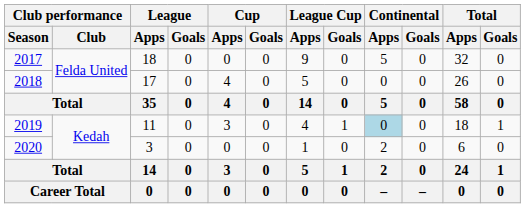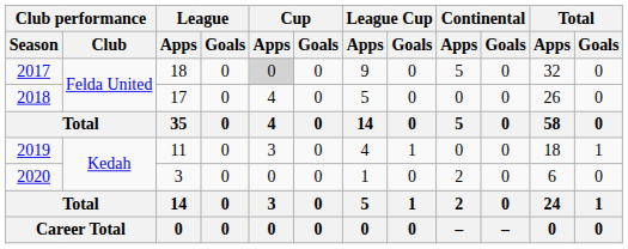 <table class="wikitable" style="text-align: center;">
 <tr>
 <th colspan="2">Club performance</th>
 <th colspan="2">League</th>
 <th colspan="2">Cup</th>
 <th colspan="2">League Cup</th>
 <th colspan="2">Continental</th>
 <th colspan="2">Total</th>
 </tr>
 <tr>
 <th>Season</th>
 <th>Club</th>
 <th>Apps</th>
 <th>Goals</th>
 <th>Apps</th>
 <th>Goals</th>
 <th>Apps</th>
 <th>Goals</th>
 <th>Apps</th>
 <th>Goals</th>
 <th>Apps</th>
 <th>Goals</th>
 </tr>
 <tr>
 <td><a href='#'>2017</a></td>
 <td rowspan="2"><a href='#'>Felda United</a></td>
 <td>18</td>
 <td>0</td>
-<td>0</td>
+<td style="background: lightgrey;">0</td>
 <td>0</td>
 <td>9</td>
 <td>0</td>
 <td>5</td>
 <td>0</td>
 <td>32</td>
 <td>0</td>
 </tr>
 <tr>
 <td><a href='#'>2018</a></td>
 <td>17</td>
 <td>0</td>
 <td>4</td>
 <td>0</td>
 <td>5</td>
 <td>0</td>
 <td>0</td>
 <td>0</td>
 <td>26</td>
 <td>0</td>
 </tr>
 <tr>
 <th colspan="2">Total</th>
 <th>35</th>
 <th>0</th>
 <th>4</th>
 <th>0</th>
 <th>14</th>
 <th>0</th>
 <th>5</th>
 <th>0</th>
 <th>58</th>
 <th>0</th>
 </tr>
 <tr>
 <td><a href='#'>2019</a></td>
 <td rowspan="2"><a href='#'>Kedah</a></td>
 <td>11</td>
 <td>0</td>
 <td>3</td>
 <td>0</td>
 <td>4</td>
 <td>1</td>
-<td style="background: lightblue;">0</td>
+<td>0</td>
 <td>0</td>
 <td>18</td>
 <td>1</td>
 </tr>
 <tr>
 <td><a href='#'>2020</a></td>
 <td>3</td>
 <td>0</td>
 <td>0</td>
 <td>0</td>
 <td>1</td>
 <td>0</td>
 <td>2</td>
 <td>0</td>
 <td>6</td>
 <td>0</td>
 </tr>
 <tr>
 <th colspan="2">Total</th>
 <th>14</th>
 <th>0</th>
 <th>3</th>
 <th>0</th>
 <th>5</th>
 <th>1</th>
 <th>2</th>
 <th>0</th>
 <th>24</th>
 <th>1</th>
 </tr>
 <tr>
 <th colspan="2">Career Total</th>
 <th>0</th>
 <th>0</th>
 <th>0</th>
 <th>0</th>
 <th>0</th>
 <th>0</th>
 <th>–</th>
 <th>–</th>
 <th>0</th>
 <th>0</th>
 </tr>
 </table>
